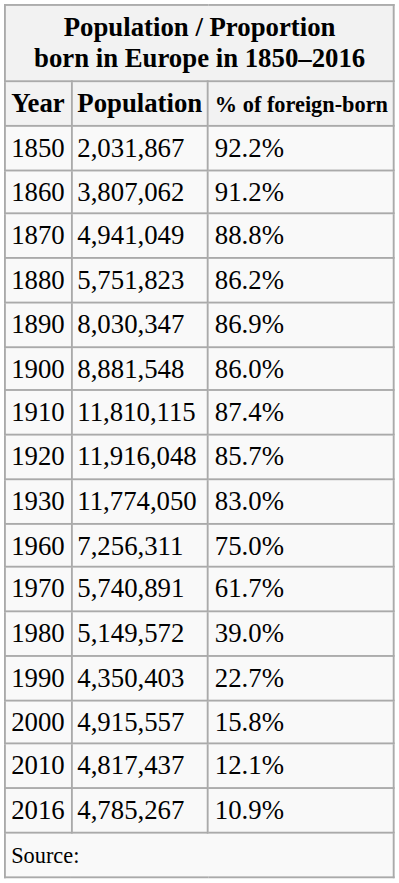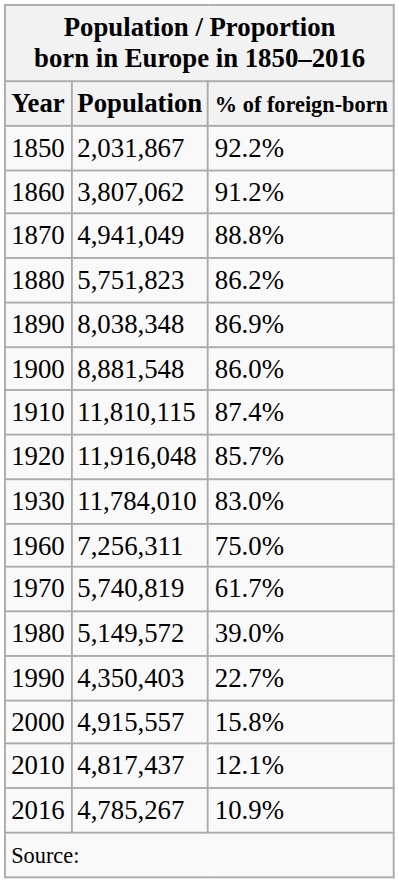 <table class="wikitable" style="font-size:90%; display: inline-table">
 <tr>
 <th colspan=3>Population / Proportion<br>born in Europe in 1850–2016</th>
 </tr>
 <tr>
 <th>Year</th>
 <th>Population</th>
 <th><small>% of foreign-born</small></th>
 </tr>
 <tr>
 <td>1850</td>
 <td>2,031,867</td>
 <td>92.2%</td>
 </tr>
 <tr>
 <td>1860</td>
 <td>3,807,062</td>
 <td>91.2%</td>
 </tr>
 <tr>
 <td>1870</td>
 <td>4,941,049</td>
 <td>88.8%</td>
 </tr>
 <tr>
 <td>1880</td>
 <td>5,751,823</td>
 <td>86.2%</td>
 </tr>
 <tr>
 <td>1890</td>
-<td>8,030,347</td>
+<td>8,038,348</td>
 <td>86.9%</td>
 </tr>
 <tr>
 <td>1900</td>
 <td>8,881,548</td>
 <td>86.0%</td>
 </tr>
 <tr>
 <td>1910</td>
 <td>11,810,115</td>
 <td>87.4%</td>
 </tr>
 <tr>
 <td>1920</td>
 <td>11,916,048</td>
 <td>85.7%</td>
 </tr>
 <tr>
 <td>1930</td>
-<td>11,774,050</td>
+<td>11,784,010</td>
 <td>83.0%</td>
 </tr>
 <tr>
 <td>1960</td>
 <td>7,256,311</td>
 <td>75.0%</td>
 </tr>
 <tr>
 <td>1970</td>
-<td>5,740,891</td>
+<td>5,740,819</td>
 <td>61.7%</td>
 </tr>
 <tr>
 <td>1980</td>
 <td>5,149,572</td>
 <td>39.0%</td>
 </tr>
 <tr>
 <td>1990</td>
 <td>4,350,403</td>
 <td>22.7%</td>
 </tr>
 <tr>
 <td>2000</td>
 <td>4,915,557</td>
 <td>15.8%</td>
 </tr>
 <tr>
 <td>2010</td>
 <td>4,817,437</td>
 <td>12.1%</td>
 </tr>
 <tr>
 <td>2016</td>
 <td>4,785,267</td>
 <td>10.9%</td>
 </tr>
 <tr>
 <td colspan="4" style="text-align:left;"><small>Source:</small></td>
 </tr>
 </table>
